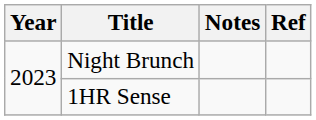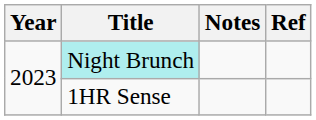 <table class="wikitable">
 <tr>
 <th>Year</th>
 <th>Title</th>
 <th>Notes</th>
 <th>Ref</th>
 </tr>
 <tr>
 <td rowspan="2">2023</td>
-<td>Night Brunch</td>
+<td style="background: paleturquoise;">Night Brunch</td>
 <td></td>
 <td></td>
 </tr>
 <tr>
 <td>1HR Sense</td>
 <td></td>
 <td></td>
 </tr>
 </table>
